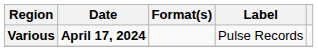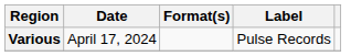 <table class="wikitable plainrowheaders">
 <tr>
 <th scope="col">Region</th>
 <th scope="col">Date</th>
 <th scope="col">Format(s)</th>
 <th scope="col">Label</th>
 <th scope="col"></th>
 </tr>
 <tr>
 <th scope="row">Various</th>
-<td><strong>April 17, 2024</strong></td>
+<td>April 17, 2024</td>
 <td></td>
 <td>Pulse Records</td>
 <td style="text-align:center;"></td>
 </tr>
 <tr>
 </tr>
 </table>
